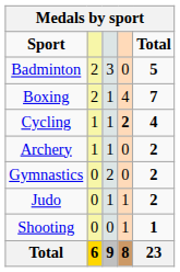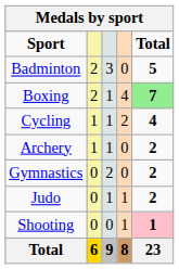 <table class="wikitable" style="font-size:85%;float:right;text-align:center">
 <tr bgcolor=EFEFEF>
 <th colspan=5><strong>Medals by sport</strong></th>
 </tr>
 <tr>
 <td><strong>Sport</strong></td>
 <td bgcolor=F7F6A8></td>
 <td bgcolor=DCE5E5></td>
 <td bgcolor=FFDAB9></td>
 <td><strong>Total</strong></td>
 </tr>
 <tr>
 <td><a href='#'>Badminton</a></td>
 <td bgcolor=F7F6A8>2</td>
 <td bgcolor=DCE5E5>3</td>
 <td bgcolor=FFDAB9>0</td>
 <td><strong>5</strong></td>
 </tr>
 <tr>
 <td><a href='#'>Boxing</a></td>
 <td bgcolor=F7F6A8>2</td>
 <td bgcolor=DCE5E5>1</td>
 <td bgcolor=FFDAB9>4</td>
-<td><strong>7</strong></td>
+<td style="background: lightgreen;"><strong>7</strong></td>
 </tr>
 <tr>
 <td><a href='#'>Cycling</a></td>
 <td bgcolor=F7F6A8>1</td>
 <td bgcolor=DCE5E5>1</td>
-<td bgcolor=FFDAB9><strong>2</strong></td>
+<td bgcolor=FFDAB9>2</td>
 <td><strong>4</strong></td>
 </tr>
 <tr>
 <td><a href='#'>Archery</a></td>
 <td bgcolor=F7F6A8>1</td>
 <td bgcolor=DCE5E5>1</td>
 <td bgcolor=FFDAB9>0</td>
 <td><strong>2</strong></td>
 </tr>
 <tr>
 <td><a href='#'>Gymnastics</a></td>
 <td bgcolor=F7F6A8>0</td>
 <td bgcolor=DCE5E5>2</td>
 <td bgcolor=FFDAB9>0</td>
 <td><strong>2</strong></td>
 </tr>
 <tr>
 <td><a href='#'>Judo</a></td>
 <td bgcolor=F7F6A8>0</td>
 <td bgcolor=DCE5E5>1</td>
 <td bgcolor=FFDAB9>1</td>
 <td><strong>2</strong></td>
 </tr>
 <tr>
 <td><a href='#'>Shooting</a></td>
 <td bgcolor=F7F6A8>0</td>
 <td bgcolor=DCE5E5>0</td>
 <td bgcolor=FFDAB9>1</td>
-<td><strong>1</strong></td>
+<td style="background: pink;"><strong>1</strong></td>
 </tr>
 <tr>
 <th><strong>Total</strong></th>
 <th style="background:gold;"><strong>6</strong></th>
 <th style="background:silver;"><strong>9</strong></th>
 <th style="background:#c96;"><strong>8</strong></th>
 <th><strong>23</strong></th>
 </tr>
 </table>
